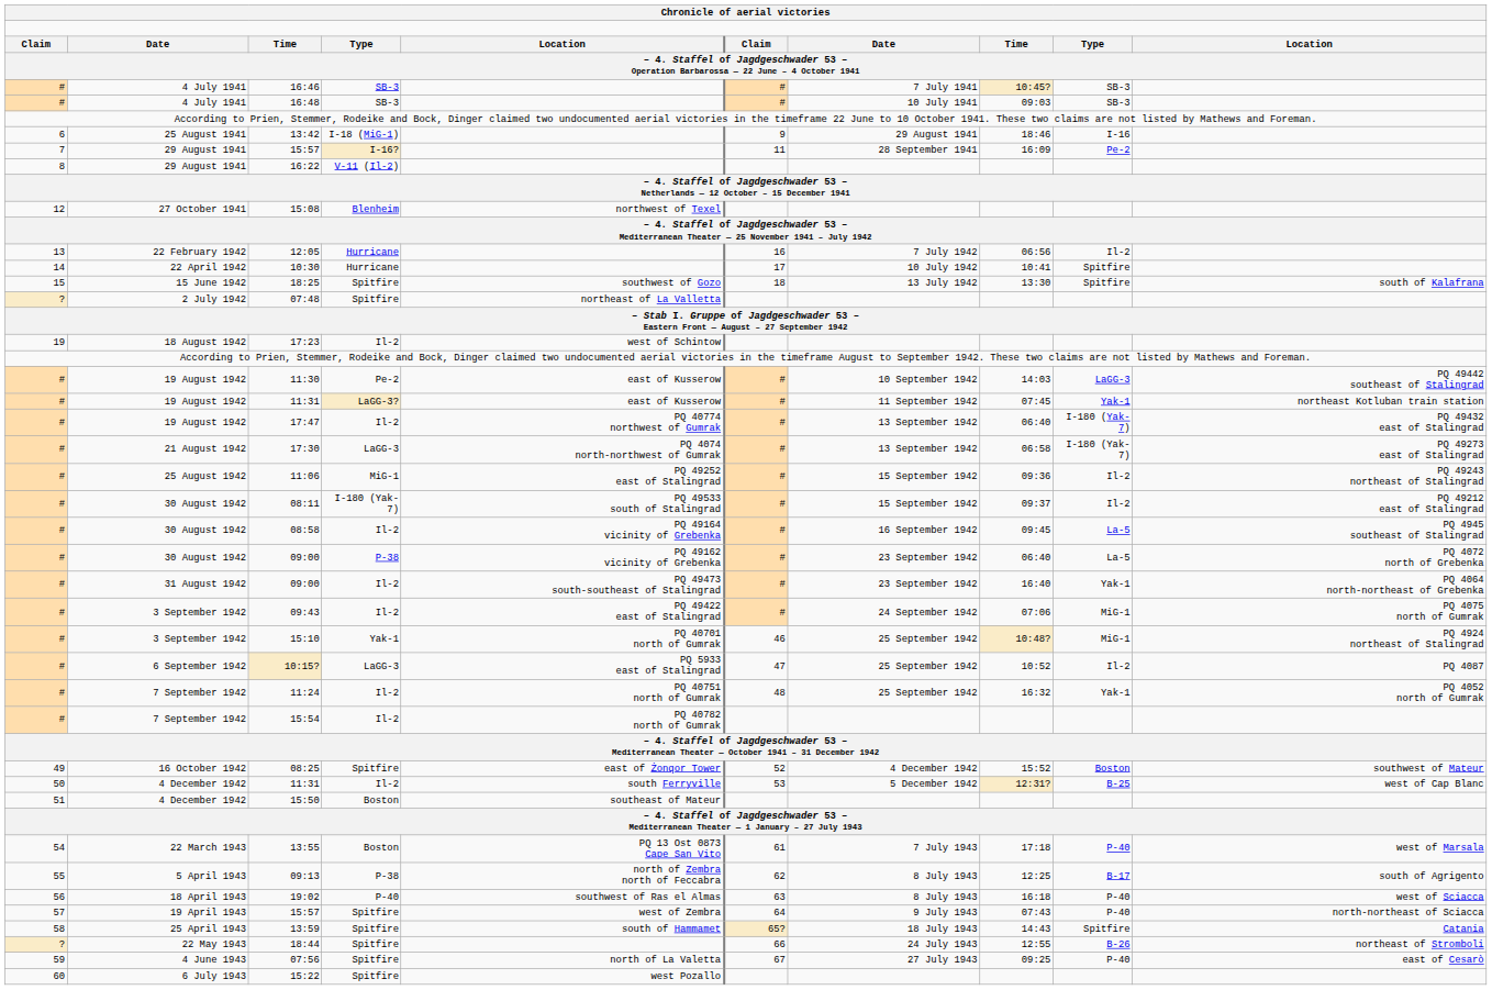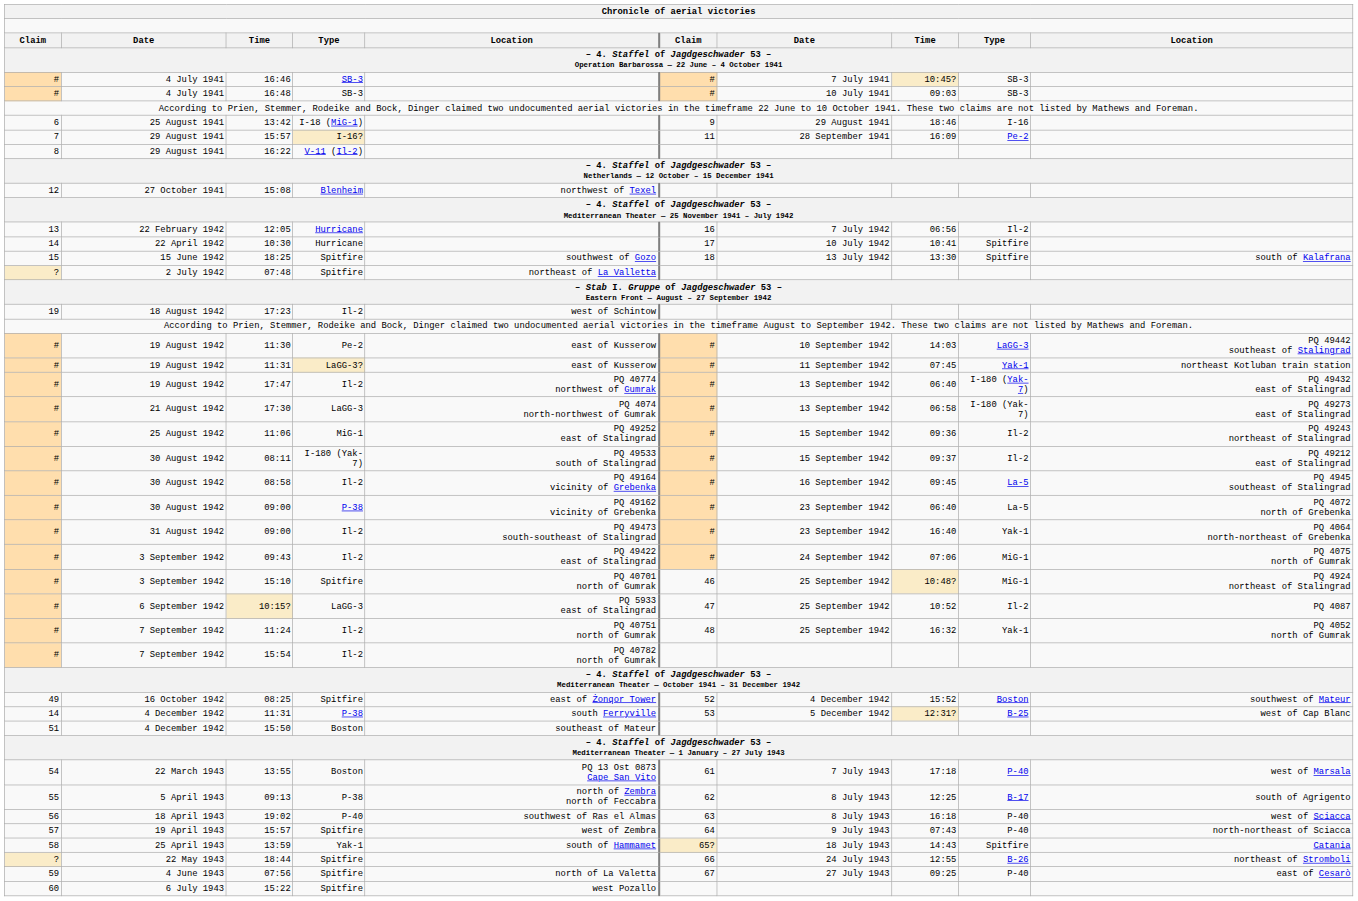 <table class="wikitable plainrowheaders collapsible" style="margin-left: auto; margin-right: auto; border: none; text-align:right; width: 100%;">
 <tr>
 <th colspan="10">Chronicle of aerial victories</th>
 </tr>
 <tr>
 <td colspan="10" style="text-align: left;"><br> </td>
 </tr>
 <tr>
 <th scope="col">Claim</th>
 <th scope="col">Date</th>
 <th scope="col">Time</th>
 <th scope="col" width="100px">Type</th>
 <th scope="col">Location</th>
 <th scope="col" style="border-left: 3px solid grey;">Claim</th>
 <th scope="col">Date</th>
 <th scope="col">Time</th>
 <th scope="col" width="100px">Type</th>
 <th scope="col">Location</th>
 </tr>
 <tr>
 <th colspan="10">– 4. <em>Staffel</em> of <em>Jagdgeschwader</em> 53 –<br><small>Operation Barbarossa — 22 June – 4 October 1941</small></th>
 </tr>
 <tr>
 <td style="background:#ffdead">#</td>
 <td>4 July 1941</td>
 <td>16:46</td>
 <td><a href='#'>SB-3</a></td>
 <td></td>
 <td style="border-left: 3px solid grey; background:#ffdead">#</td>
 <td>7 July 1941</td>
 <td style="background:#faecc8">10:45?</td>
 <td>SB-3</td>
 <td></td>
 </tr>
 <tr>
 <td style="background:#ffdead">#</td>
 <td>4 July 1941</td>
 <td>16:48</td>
 <td>SB-3</td>
 <td></td>
 <td style="border-left: 3px solid grey; background:#ffdead">#</td>
 <td>10 July 1941</td>
 <td>09:03</td>
 <td>SB-3</td>
 <td></td>
 </tr>
 <tr>
 <td colspan="10" style="text-align: center">According to Prien, Stemmer, Rodeike and Bock, Dinger claimed two undocumented aerial victories in the timeframe 22 June to 10 October 1941. These two claims are not listed by Mathews and Foreman.</td>
 </tr>
 <tr>
 <td>6</td>
 <td>25 August 1941</td>
 <td>13:42</td>
 <td>I-18 (<a href='#'>MiG-1</a>)</td>
 <td></td>
 <td style="border-left: 3px solid grey;">9</td>
 <td>29 August 1941</td>
 <td>18:46</td>
 <td>I-16</td>
 <td></td>
 </tr>
 <tr>
 <td>7</td>
 <td>29 August 1941</td>
 <td>15:57</td>
 <td style="background:#faecc8">I-16?</td>
 <td></td>
 <td style="border-left: 3px solid grey;">11</td>
 <td>28 September 1941</td>
 <td>16:09</td>
 <td><a href='#'>Pe-2</a></td>
 <td></td>
 </tr>
 <tr>
 <td>8</td>
 <td>29 August 1941</td>
 <td>16:22</td>
 <td><a href='#'>V-11</a> (<a href='#'>Il-2</a>)</td>
 <td></td>
 <td style="border-left: 3px solid grey;"></td>
 <td></td>
 <td></td>
 <td></td>
 <td></td>
 </tr>
 <tr>
 <th colspan="10">– 4. <em>Staffel</em> of <em>Jagdgeschwader</em> 53 –<br><small>Netherlands — 12 October – 15 December 1941</small></th>
 </tr>
 <tr>
 <td>12</td>
 <td>27 October 1941</td>
 <td>15:08</td>
 <td><a href='#'>Blenheim</a></td>
 <td> northwest of  <a href='#'>Texel</a></td>
 <td style="border-left: 3px solid grey;"></td>
 <td></td>
 <td></td>
 <td></td>
 <td></td>
 </tr>
 <tr>
 <th colspan="10">– 4. <em>Staffel</em> of <em>Jagdgeschwader</em> 53 –<br><small>Mediterranean Theater — 25 November 1941 – July 1942</small></th>
 </tr>
 <tr>
 <td>13</td>
 <td>22 February 1942</td>
 <td>12:05</td>
 <td><a href='#'>Hurricane</a></td>
 <td></td>
 <td style="border-left: 3px solid grey;">16</td>
 <td>7 July 1942</td>
 <td>06:56</td>
 <td>Il-2</td>
 <td></td>
 </tr>
 <tr>
 <td>14</td>
 <td>22 April 1942</td>
 <td>10:30</td>
 <td>Hurricane</td>
 <td></td>
 <td style="border-left: 3px solid grey;">17</td>
 <td>10 July 1942</td>
 <td>10:41</td>
 <td>Spitfire</td>
 <td></td>
 </tr>
 <tr>
 <td>15</td>
 <td>15 June 1942</td>
 <td>18:25</td>
 <td>Spitfire</td>
 <td> southwest of <a href='#'>Gozo</a></td>
 <td style="border-left: 3px solid grey;">18</td>
 <td>13 July 1942</td>
 <td>13:30</td>
 <td>Spitfire</td>
 <td> south of <a href='#'>Kalafrana</a></td>
 </tr>
 <tr>
 <td style="background:#faecc8">?</td>
 <td>2 July 1942</td>
 <td>07:48</td>
 <td>Spitfire</td>
 <td> northeast of <a href='#'>La Valletta</a></td>
 <td style="border-left: 3px solid grey;"></td>
 <td></td>
 <td></td>
 <td></td>
 <td></td>
 </tr>
 <tr>
 <th colspan="10">– <em>Stab</em> I. <em>Gruppe</em> of <em>Jagdgeschwader</em> 53 –<br><small>Eastern Front — August – 27 September 1942</small></th>
 </tr>
 <tr>
 <td>19</td>
 <td>18 August 1942</td>
 <td>17:23</td>
 <td>Il-2</td>
 <td>west of Schintow</td>
 <td style="border-left: 3px solid grey;"></td>
 <td></td>
 <td></td>
 <td></td>
 <td></td>
 </tr>
 <tr>
 <td colspan="10" style="text-align: center">According to Prien, Stemmer, Rodeike and Bock, Dinger claimed two undocumented aerial victories in the timeframe August to September 1942. These two claims are not listed by Mathews and Foreman.</td>
 </tr>
 <tr>
 <td style="background:#ffdead">#</td>
 <td>19 August 1942</td>
 <td>11:30</td>
 <td>Pe-2</td>
 <td>east of Kusserow</td>
 <td style="border-left: 3px solid grey; background:#ffdead">#</td>
 <td>10 September 1942</td>
 <td>14:03</td>
 <td><a href='#'>LaGG-3</a></td>
 <td>PQ 49442<br> southeast of <a href='#'>Stalingrad</a></td>
 </tr>
 <tr>
 <td style="background:#ffdead">#</td>
 <td>19 August 1942</td>
 <td>11:31</td>
 <td style="background:#faecc8">LaGG-3?</td>
 <td>east of Kusserow</td>
 <td style="border-left: 3px solid grey; background:#ffdead">#</td>
 <td>11 September 1942</td>
 <td>07:45</td>
 <td><a href='#'>Yak-1</a></td>
 <td> northeast Kotluban train station</td>
 </tr>
 <tr>
 <td style="background:#ffdead">#</td>
 <td>19 August 1942</td>
 <td>17:47</td>
 <td>Il-2</td>
 <td>PQ 40774<br> northwest of <a href='#'>Gumrak</a></td>
 <td style="border-left: 3px solid grey; background:#ffdead">#</td>
 <td>13 September 1942</td>
 <td>06:40</td>
 <td>I-180 (<a href='#'>Yak-7</a>)</td>
 <td>PQ 49432<br> east of Stalingrad</td>
 </tr>
 <tr>
 <td style="background:#ffdead">#</td>
 <td>21 August 1942</td>
 <td>17:30</td>
 <td>LaGG-3</td>
 <td>PQ 4074<br> north-northwest of Gumrak</td>
 <td style="border-left: 3px solid grey; background:#ffdead">#</td>
 <td>13 September 1942</td>
 <td>06:58</td>
 <td>I-180 (Yak-7)</td>
 <td>PQ 49273<br> east of Stalingrad</td>
 </tr>
 <tr>
 <td style="background:#ffdead">#</td>
 <td>25 August 1942</td>
 <td>11:06</td>
 <td>MiG-1</td>
 <td>PQ 49252<br> east of Stalingrad</td>
 <td style="border-left: 3px solid grey; background:#ffdead">#</td>
 <td>15 September 1942</td>
 <td>09:36</td>
 <td>Il-2</td>
 <td>PQ 49243<br> northeast of Stalingrad</td>
 </tr>
 <tr>
 <td style="background:#ffdead">#</td>
 <td>30 August 1942</td>
 <td>08:11</td>
 <td>I-180 (Yak-7)</td>
 <td>PQ 49533<br> south of Stalingrad</td>
 <td style="border-left: 3px solid grey; background:#ffdead">#</td>
 <td>15 September 1942</td>
 <td>09:37</td>
 <td>Il-2</td>
 <td>PQ 49212<br> east of Stalingrad</td>
 </tr>
 <tr>
 <td style="background:#ffdead">#</td>
 <td>30 August 1942</td>
 <td>08:58</td>
 <td>Il-2</td>
 <td>PQ 49164<br>vicinity of <a href='#'>Grebenka</a></td>
 <td style="border-left: 3px solid grey; background:#ffdead">#</td>
 <td>16 September 1942</td>
 <td>09:45</td>
 <td><a href='#'>La-5</a></td>
 <td>PQ 4945<br> southeast of Stalingrad</td>
 </tr>
 <tr>
 <td style="background:#ffdead">#</td>
 <td>30 August 1942</td>
 <td>09:00</td>
 <td><a href='#'>P-38</a></td>
 <td>PQ 49162<br>vicinity of Grebenka</td>
 <td style="border-left: 3px solid grey; background:#ffdead">#</td>
 <td>23 September 1942</td>
 <td>06:40</td>
 <td>La-5</td>
 <td>PQ 4072<br> north of Grebenka</td>
 </tr>
 <tr>
 <td style="background:#ffdead">#</td>
 <td>31 August 1942</td>
 <td>09:00</td>
 <td>Il-2</td>
 <td>PQ 49473<br> south-southeast of Stalingrad</td>
 <td style="border-left: 3px solid grey; background:#ffdead">#</td>
 <td>23 September 1942</td>
 <td>16:40</td>
 <td>Yak-1</td>
 <td>PQ 4064<br> north-northeast of Grebenka</td>
 </tr>
 <tr>
 <td style="background:#ffdead">#</td>
 <td>3 September 1942</td>
 <td>09:43</td>
 <td>Il-2</td>
 <td>PQ 49422<br> east of Stalingrad</td>
 <td style="border-left: 3px solid grey; background:#ffdead">#</td>
 <td>24 September 1942</td>
 <td>07:06</td>
 <td>MiG-1</td>
 <td>PQ 4075<br> north of Gumrak</td>
 </tr>
 <tr>
 <td style="background:#ffdead">#</td>
 <td>3 September 1942</td>
 <td>15:10</td>
-<td>Yak-1</td>
+<td>Spitfire</td>
 <td>PQ 40701<br> north of Gumrak</td>
 <td style="border-left: 3px solid grey;">46</td>
 <td>25 September 1942</td>
 <td style="background:#faecc8">10:48?</td>
 <td>MiG-1</td>
 <td>PQ 4924<br> northeast of Stalingrad</td>
 </tr>
 <tr>
 <td style="background:#ffdead">#</td>
 <td>6 September 1942</td>
 <td style="background:#faecc8">10:15?</td>
 <td>LaGG-3</td>
 <td>PQ 5933<br> east of Stalingrad</td>
 <td style="border-left: 3px solid grey;">47</td>
 <td>25 September 1942</td>
 <td>10:52</td>
 <td>Il-2</td>
 <td>PQ 4087</td>
 </tr>
 <tr>
 <td style="background:#ffdead">#</td>
 <td>7 September 1942</td>
 <td>11:24</td>
 <td>Il-2</td>
 <td>PQ 40751<br> north of Gumrak</td>
 <td style="border-left: 3px solid grey;">48</td>
 <td>25 September 1942</td>
 <td>16:32</td>
 <td>Yak-1</td>
 <td>PQ 4052<br> north of Gumrak</td>
 </tr>
 <tr>
 <td style="background:#ffdead">#</td>
 <td>7 September 1942</td>
 <td>15:54</td>
 <td>Il-2</td>
 <td>PQ 40782<br> north of Gumrak</td>
 <td style="border-left: 3px solid grey;"></td>
 <td></td>
 <td></td>
 <td></td>
 <td></td>
 </tr>
 <tr>
 <th colspan="10">– 4. <em>Staffel</em> of <em>Jagdgeschwader</em> 53 –<br><small>Mediterranean Theater — October 1941 – 31 December 1942</small></th>
 </tr>
 <tr>
 <td>49</td>
 <td>16 October 1942</td>
 <td>08:25</td>
 <td>Spitfire</td>
 <td> east of <a href='#'>Żonqor Tower</a></td>
 <td style="border-left: 3px solid grey;">52</td>
 <td>4 December 1942</td>
 <td>15:52</td>
 <td><a href='#'>Boston</a></td>
 <td> southwest of <a href='#'>Mateur</a></td>
 </tr>
 <tr>
-<td>50</td>
+<td>14</td>
 <td>4 December 1942</td>
 <td>11:31</td>
-<td>Il-2</td>
+<td><a href='#'>P-38</a></td>
 <td> south <a href='#'>Ferryville</a></td>
 <td style="border-left: 3px solid grey;">53</td>
 <td>5 December 1942</td>
 <td style="background:#faecc8">12:31?</td>
 <td><a href='#'>B-25</a></td>
 <td> west of Cap Blanc</td>
 </tr>
 <tr>
 <td>51</td>
 <td>4 December 1942</td>
 <td>15:50</td>
 <td>Boston</td>
 <td> southeast of Mateur</td>
 <td style="border-left: 3px solid grey;"></td>
 <td></td>
 <td></td>
 <td></td>
 <td></td>
 </tr>
 <tr>
 <th colspan="10">– 4. <em>Staffel</em> of <em>Jagdgeschwader</em> 53 –<br><small>Mediterranean Theater — 1 January – 27 July 1943</small></th>
 </tr>
 <tr>
 <td>54</td>
 <td>22 March 1943</td>
 <td>13:55</td>
 <td>Boston</td>
 <td>PQ 13 Ost 0873<br><a href='#'>Cape San Vito</a></td>
 <td style="border-left: 3px solid grey;">61</td>
 <td>7 July 1943</td>
 <td>17:18</td>
 <td><a href='#'>P-40</a></td>
 <td> west of <a href='#'>Marsala</a></td>
 </tr>
 <tr>
 <td>55</td>
 <td>5 April 1943</td>
 <td>09:13</td>
 <td>P-38</td>
 <td> north of <a href='#'>Zembra</a><br> north of Feccabra</td>
 <td style="border-left: 3px solid grey;">62</td>
 <td>8 July 1943</td>
 <td>12:25</td>
 <td><a href='#'>B-17</a></td>
 <td> south of Agrigento</td>
 </tr>
 <tr>
 <td>56</td>
 <td>18 April 1943</td>
 <td>19:02</td>
 <td>P-40</td>
 <td> southwest of Ras el Almas</td>
 <td style="border-left: 3px solid grey;">63</td>
 <td>8 July 1943</td>
 <td>16:18</td>
 <td>P-40</td>
 <td>west of <a href='#'>Sciacca</a></td>
 </tr>
 <tr>
 <td>57</td>
 <td>19 April 1943</td>
 <td>15:57</td>
 <td>Spitfire</td>
 <td> west of Zembra</td>
 <td style="border-left: 3px solid grey;">64</td>
 <td>9 July 1943</td>
 <td>07:43</td>
 <td>P-40</td>
 <td> north-northeast of Sciacca</td>
 </tr>
 <tr>
 <td>58</td>
 <td>25 April 1943</td>
 <td>13:59</td>
-<td>Spitfire</td>
+<td>Yak-1</td>
 <td> south of <a href='#'>Hammamet</a></td>
 <td style="border-left: 3px solid grey; background:#faecc8">65?</td>
 <td>18 July 1943</td>
 <td>14:43</td>
 <td>Spitfire</td>
 <td><a href='#'>Catania</a></td>
 </tr>
 <tr>
 <td style="background:#faecc8">?</td>
 <td>22 May 1943</td>
 <td>18:44</td>
 <td>Spitfire</td>
 <td></td>
 <td style="border-left: 3px solid grey;">66</td>
 <td>24 July 1943</td>
 <td>12:55</td>
 <td><a href='#'>B-26</a></td>
 <td> northeast of <a href='#'>Stromboli</a></td>
 </tr>
 <tr>
 <td>59</td>
 <td>4 June 1943</td>
 <td>07:56</td>
 <td>Spitfire</td>
 <td> north of La Valetta</td>
 <td style="border-left: 3px solid grey;">67</td>
 <td>27 July 1943</td>
 <td>09:25</td>
 <td>P-40</td>
 <td> east of <a href='#'>Cesarò</a></td>
 </tr>
 <tr>
 <td>60</td>
 <td>6 July 1943</td>
 <td>15:22</td>
 <td>Spitfire</td>
 <td> west Pozallo</td>
 <td style="border-left: 3px solid grey;"></td>
 <td></td>
 <td></td>
 <td></td>
 <td></td>
 </tr>
 </table>
